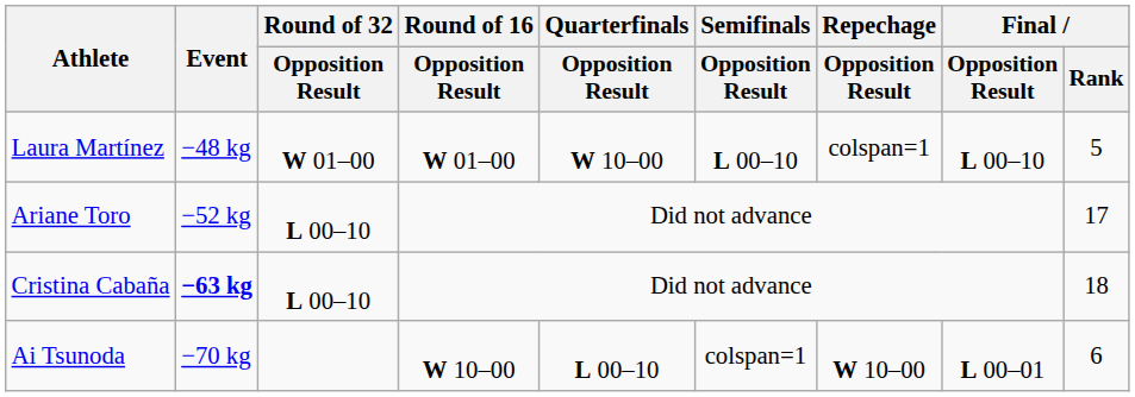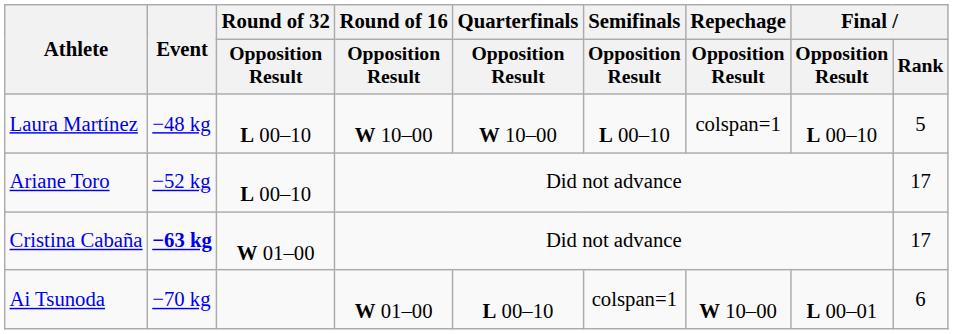 <table class="wikitable" style="font-size:90%">
 <tr>
 <th rowspan="2">Athlete</th>
 <th rowspan="2">Event</th>
 <th>Round of 32</th>
 <th>Round of 16</th>
 <th>Quarterfinals</th>
 <th>Semifinals</th>
 <th>Repechage</th>
 <th colspan=2>Final / </th>
 </tr>
 <tr style="font-size:95%">
 <th>Opposition<br>Result</th>
 <th>Opposition<br>Result</th>
 <th>Opposition<br>Result</th>
 <th>Opposition<br>Result</th>
 <th>Opposition<br>Result</th>
 <th>Opposition<br>Result</th>
 <th>Rank</th>
 </tr>
 <tr align=center>
 <td align=left><a href='#'>Laura Martínez</a></td>
 <td align=left><a href='#'>−48 kg</a></td>
-<td><br><strong>W</strong> 01–00</td>
-<td><br><strong>W</strong> 01–00</td>
+<td><br><strong>L</strong> 00–10</td>
+<td><br><strong>W</strong> 10–00</td>
 <td><br><strong>W</strong> 10–00</td>
 <td><br><strong>L</strong> 00–10</td>
 <td>colspan=1 </td>
 <td><br><strong>L</strong> 00–10</td>
 <td>5</td>
 </tr>
 <tr align=center>
 <td align=left><a href='#'>Ariane Toro</a></td>
 <td align=left><a href='#'>−52 kg</a></td>
 <td><br><strong>L</strong> 00–10</td>
 <td colspan=5>Did not advance</td>
 <td>17</td>
 </tr>
 <tr align=center>
 <td align=left><a href='#'>Cristina Cabaña</a></td>
 <td align=left><strong><a href='#'>−63 kg</a></strong></td>
-<td><br><strong>L</strong> 00–10</td>
+<td><br><strong>W</strong> 01–00</td>
 <td colspan=5>Did not advance</td>
-<td>18</td>
+<td>17</td>
 </tr>
 <tr align=center>
 <td align=left><a href='#'>Ai Tsunoda</a></td>
 <td align=left><a href='#'>−70 kg</a></td>
 <td></td>
-<td><br><strong>W</strong> 10–00</td>
+<td><br><strong>W</strong> 01–00</td>
 <td><br><strong>L</strong> 00–10</td>
 <td>colspan=1 </td>
 <td><br><strong>W</strong> 10–00</td>
 <td><br><strong>L</strong> 00–01</td>
 <td>6</td>
 </tr>
 </table>
